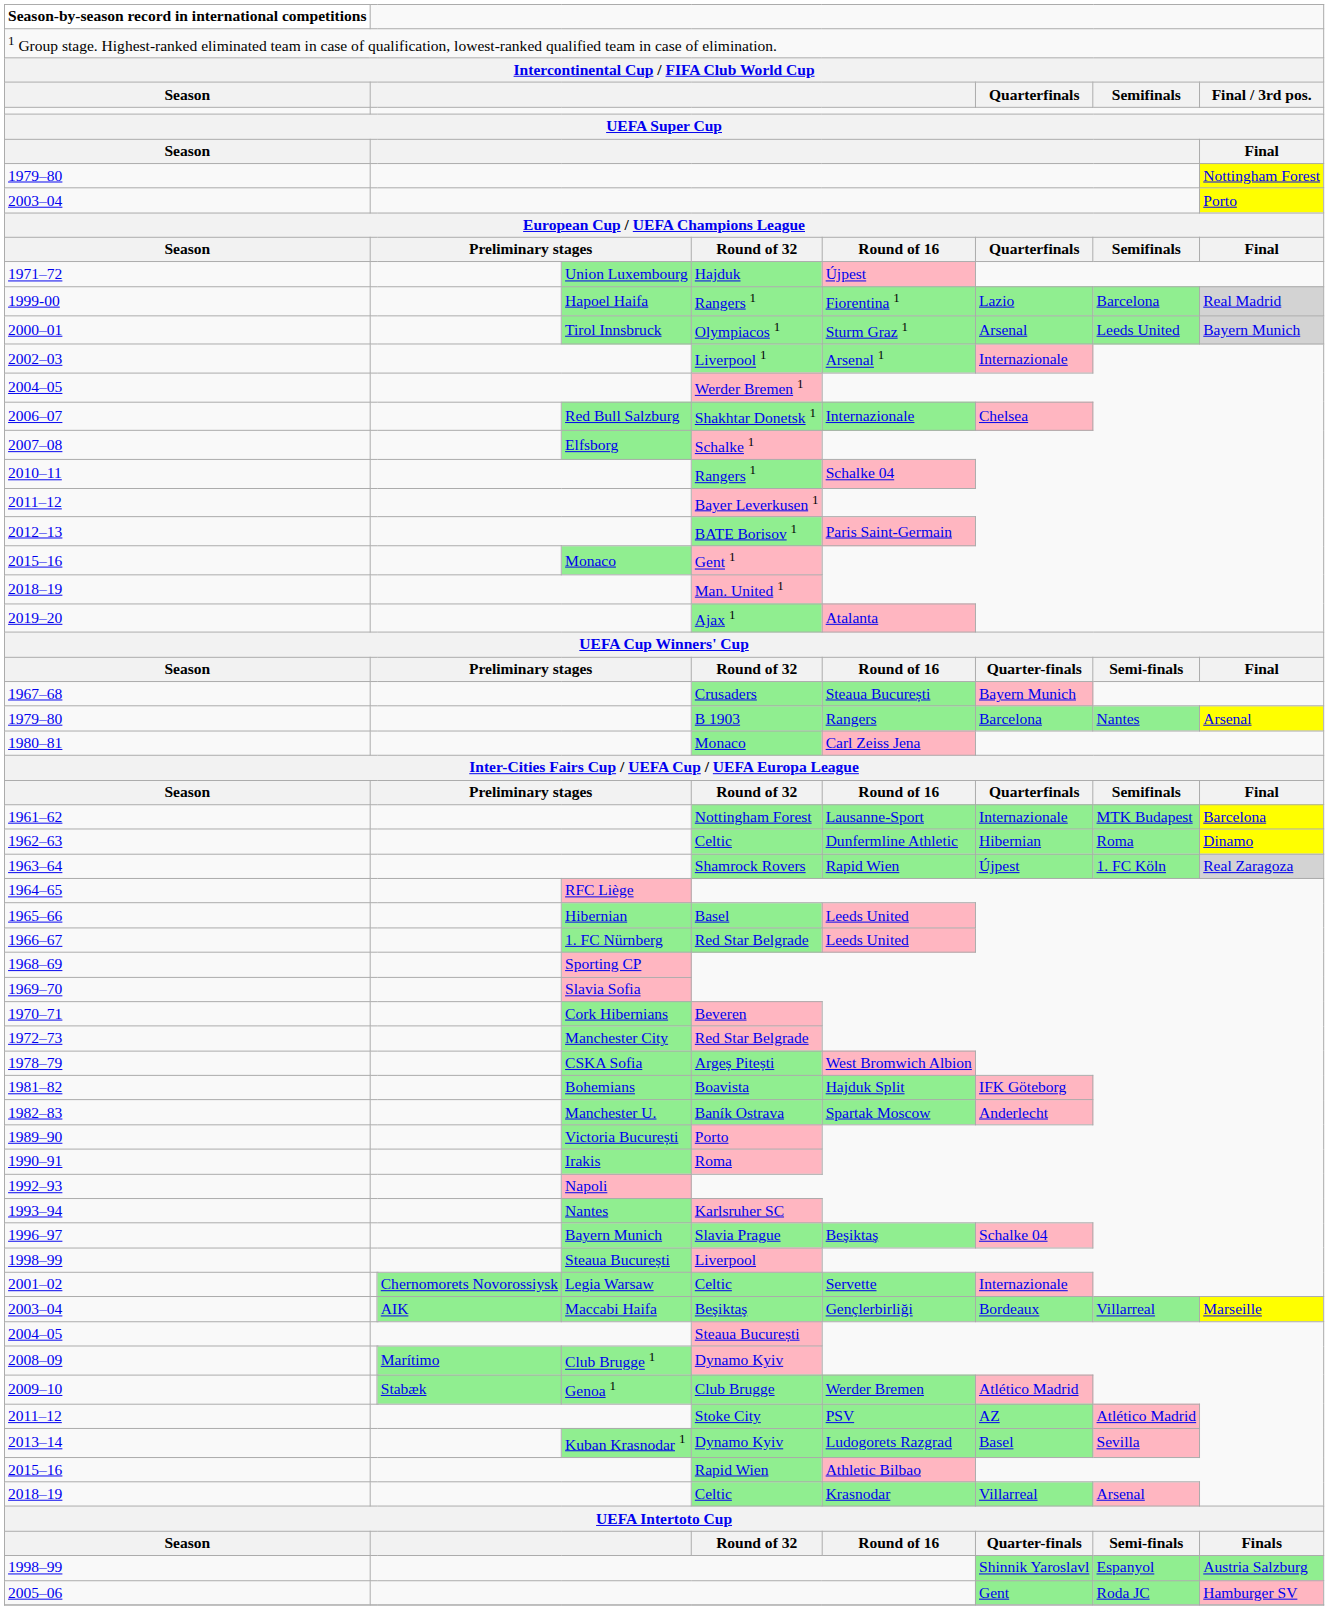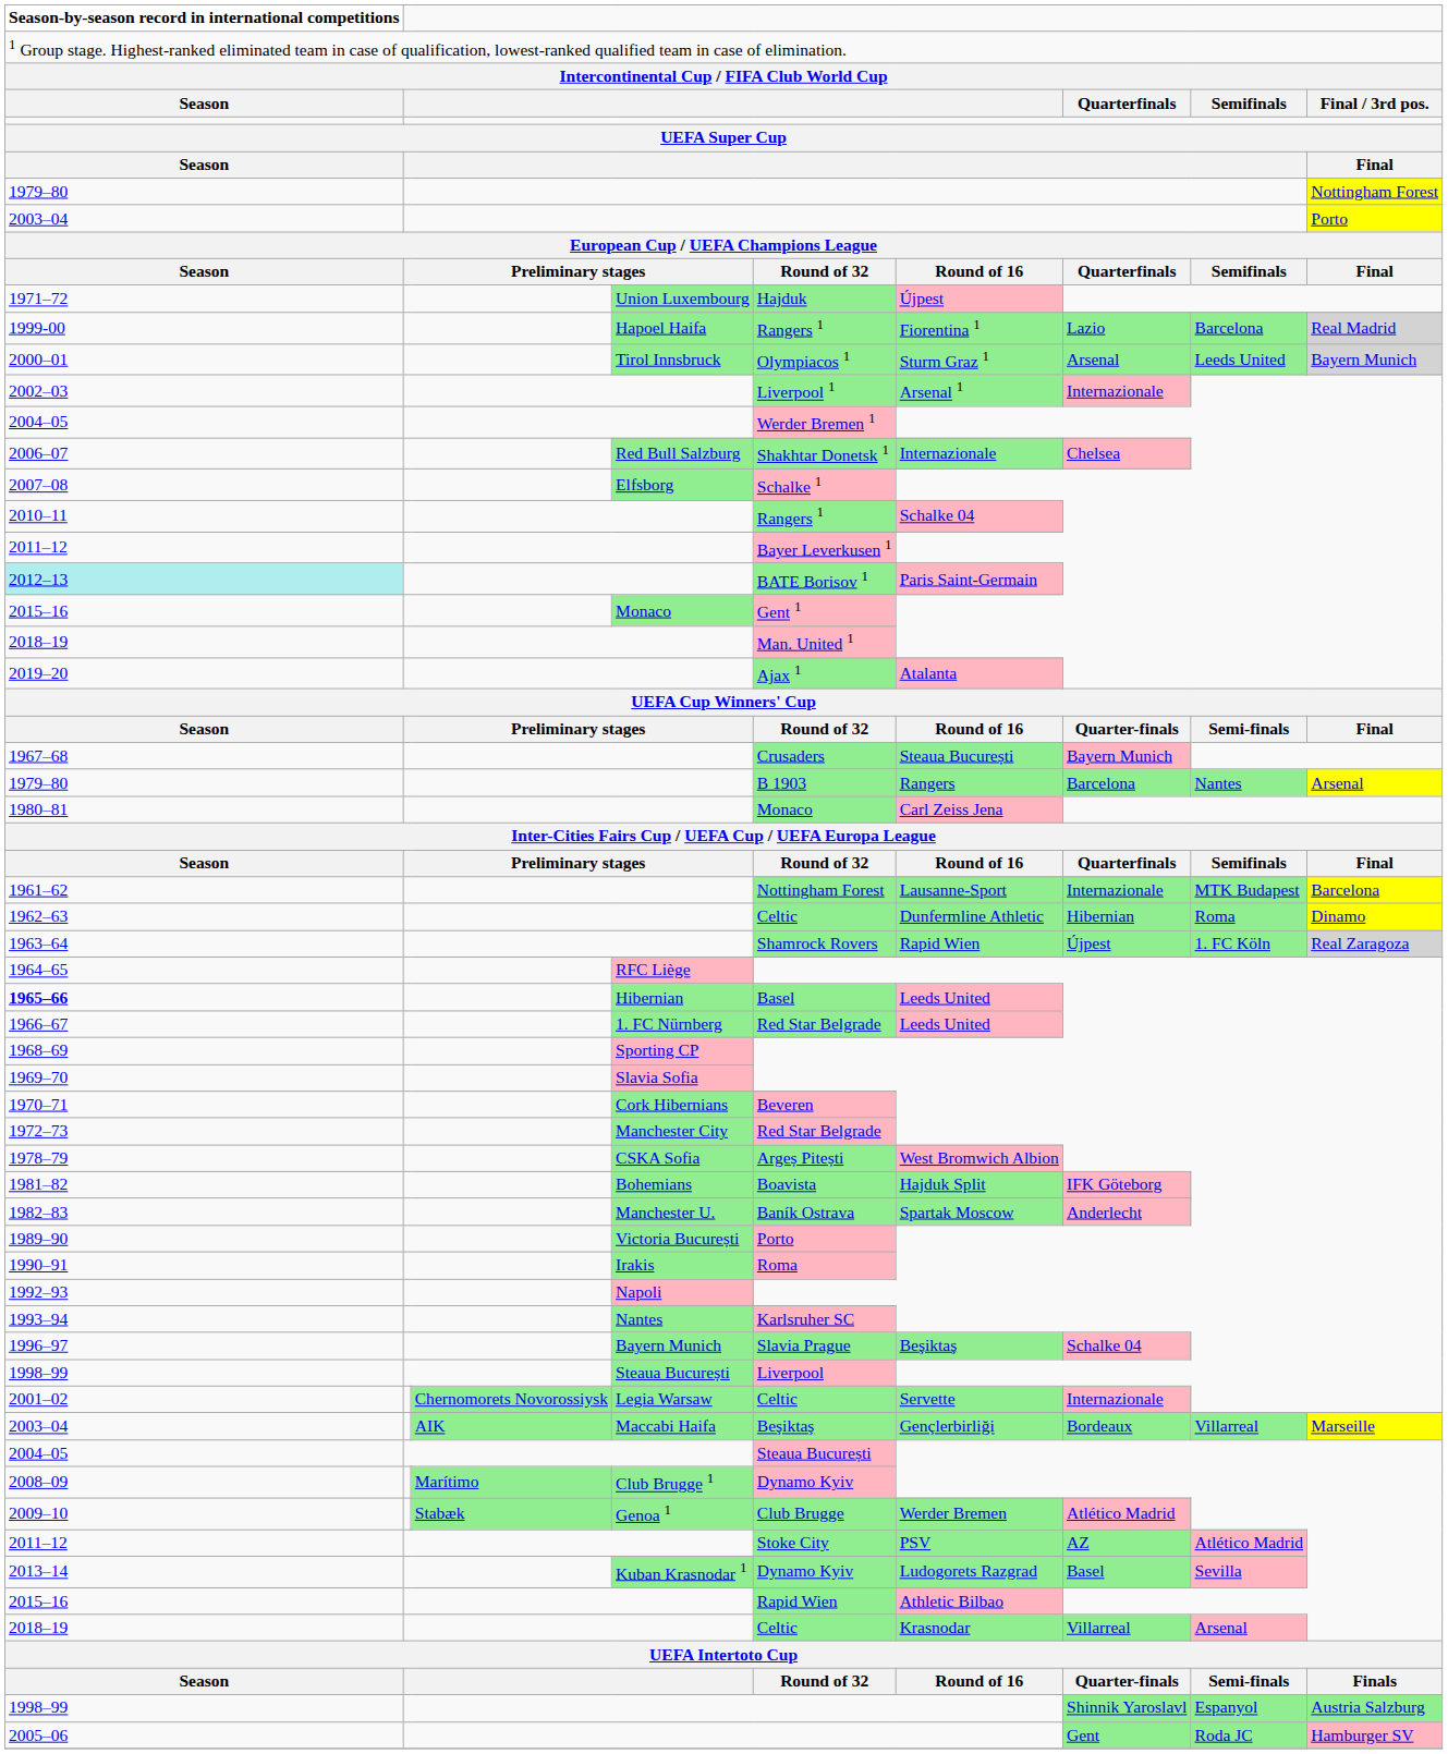 <table class="wikitable collapsible collapsed">
 <tr>
 <th style="background:#FFFFFF; color:#000000; ">Season-by-season record in international competitions</th>
 </tr>
 <tr>
 <td colspan=20><sup>1</sup> Group stage. Highest-ranked eliminated team in case of qualification, lowest-ranked qualified team in case of elimination.</td>
 </tr>
 <tr>
 <th colspan=20><a href='#'>Intercontinental Cup</a> / <a href='#'>FIFA Club World Cup</a></th>
 </tr>
 <tr>
 <th>Season</th>
 <th colspan=12></th>
 <th>Quarterfinals</th>
 <th>Semifinals</th>
 <th>Final / 3rd pos.</th>
 </tr>
 <tr>
 <td></td>
 </tr>
 <tr>
 <th colspan=20><a href='#'>UEFA Super Cup</a></th>
 </tr>
 <tr>
 <th>Season</th>
 <th colspan=14></th>
 <th>Final</th>
 </tr>
 <tr>
 <td><a href='#'>1979–80</a></td>
 <td colspan=14></td>
 <td bgcolor=yellow> <a href='#'>Nottingham Forest</a></td>
 </tr>
 <tr>
 <td><a href='#'>2003–04</a></td>
 <td colspan=14></td>
 <td bgcolor=yellow> <a href='#'>Porto</a></td>
 </tr>
 <tr>
 <th colspan=20><a href='#'>European Cup</a> / <a href='#'>UEFA Champions League</a></th>
 </tr>
 <tr>
 <th>Season</th>
 <th colspan=10>Preliminary stages</th>
 <th>Round of 32</th>
 <th>Round of 16</th>
 <th>Quarterfinals</th>
 <th>Semifinals</th>
 <th>Final</th>
 </tr>
 <tr>
 <td><a href='#'>1971–72</a></td>
 <td colspan=9></td>
 <td bgcolor=lightgreen> <a href='#'>Union Luxembourg</a></td>
 <td bgcolor=lightgreen> <a href='#'>Hajduk</a></td>
 <td bgcolor=lightpink> <a href='#'>Újpest</a></td>
 </tr>
 <tr>
 <td><a href='#'>1999-00</a></td>
 <td colspan=9></td>
 <td bgcolor=lightgreen> <a href='#'>Hapoel Haifa</a></td>
 <td bgcolor=lightgreen> <a href='#'>Rangers</a> <sup>1</sup></td>
 <td bgcolor=lightgreen> <a href='#'>Fiorentina</a> <sup>1</sup></td>
 <td bgcolor=lightgreen> <a href='#'>Lazio</a></td>
 <td bgcolor=lightgreen> <a href='#'>Barcelona</a></td>
 <td bgcolor=lightgrey> <a href='#'>Real Madrid</a></td>
 </tr>
 <tr>
 <td><a href='#'>2000–01</a></td>
 <td colspan=9></td>
 <td bgcolor=lightgreen> <a href='#'>Tirol Innsbruck</a></td>
 <td bgcolor=lightgreen> <a href='#'>Olympiacos</a> <sup>1</sup></td>
 <td bgcolor=lightgreen> <a href='#'>Sturm Graz</a> <sup>1</sup></td>
 <td bgcolor=lightgreen> <a href='#'>Arsenal</a></td>
 <td bgcolor=lightgreen> <a href='#'>Leeds United</a></td>
 <td bgcolor=lightgrey> <a href='#'>Bayern Munich</a></td>
 </tr>
 <tr>
 <td><a href='#'>2002–03</a></td>
 <td colspan=10></td>
 <td bgcolor=lightgreen> <a href='#'>Liverpool</a> <sup>1</sup></td>
 <td bgcolor=lightgreen> <a href='#'>Arsenal</a> <sup>1</sup></td>
 <td bgcolor=lightpink> <a href='#'>Internazionale</a></td>
 </tr>
 <tr>
 <td><a href='#'>2004–05</a></td>
 <td colspan=10></td>
 <td bgcolor=lightpink> <a href='#'>Werder Bremen</a> <sup>1</sup></td>
 </tr>
 <tr>
 <td><a href='#'>2006–07</a></td>
 <td colspan=9></td>
 <td bgcolor=lightgreen> <a href='#'>Red Bull Salzburg</a></td>
 <td bgcolor=lightgreen> <a href='#'>Shakhtar Donetsk</a> <sup>1</sup></td>
 <td bgcolor=lightgreen> <a href='#'>Internazionale</a></td>
 <td bgcolor=lightpink> <a href='#'>Chelsea</a></td>
 </tr>
 <tr>
 <td><a href='#'>2007–08</a></td>
 <td colspan=9></td>
 <td bgcolor=lightgreen> <a href='#'>Elfsborg</a></td>
 <td bgcolor=lightpink> <a href='#'>Schalke</a> <sup>1</sup></td>
 </tr>
 <tr>
 <td><a href='#'>2010–11</a></td>
 <td colspan=10></td>
 <td bgcolor=lightgreen> <a href='#'>Rangers</a> <sup>1</sup></td>
 <td bgcolor=lightpink> <a href='#'>Schalke 04</a></td>
 </tr>
 <tr>
 <td><a href='#'>2011–12</a></td>
 <td colspan=10></td>
 <td bgcolor=lightpink> <a href='#'>Bayer Leverkusen</a> <sup>1</sup></td>
 </tr>
 <tr>
-<td><a href='#'>2012–13</a></td>
+<td style="background: paleturquoise;"><a href='#'>2012–13</a></td>
 <td colspan=10></td>
 <td bgcolor=lightgreen> <a href='#'>BATE Borisov</a> <sup>1</sup></td>
 <td bgcolor=lightpink> <a href='#'>Paris Saint-Germain</a></td>
 </tr>
 <tr>
 <td><a href='#'>2015–16</a></td>
 <td colspan=9></td>
 <td bgcolor=lightgreen> <a href='#'>Monaco</a></td>
 <td bgcolor=lightpink> <a href='#'>Gent</a> <sup>1</sup></td>
 </tr>
 <tr>
 <td><a href='#'>2018–19</a></td>
 <td colspan=10></td>
 <td bgcolor=lightpink> <a href='#'>Man. United</a> <sup>1</sup></td>
 </tr>
 <tr>
 <td><a href='#'>2019–20</a></td>
 <td colspan=10></td>
 <td bgcolor=lightgreen> <a href='#'>Ajax</a> <sup>1</sup></td>
 <td bgcolor=lightpink> <a href='#'>Atalanta</a></td>
 </tr>
 <tr>
 <th colspan=20><a href='#'>UEFA Cup Winners' Cup</a></th>
 </tr>
 <tr>
 <th>Season</th>
 <th colspan=10>Preliminary stages</th>
 <th>Round of 32</th>
 <th>Round of 16</th>
 <th>Quarter-finals</th>
 <th>Semi-finals</th>
 <th>Final</th>
 </tr>
 <tr>
 <td><a href='#'>1967–68</a></td>
 <td colspan=10></td>
 <td bgcolor=lightgreen> <a href='#'>Crusaders</a></td>
 <td bgcolor=lightgreen> <a href='#'>Steaua București</a></td>
 <td bgcolor=lightpink> <a href='#'>Bayern Munich</a></td>
 </tr>
 <tr>
 <td><a href='#'>1979–80</a></td>
 <td colspan=10></td>
 <td bgcolor=lightgreen> <a href='#'>B 1903</a></td>
 <td bgcolor=lightgreen> <a href='#'>Rangers</a></td>
 <td bgcolor=lightgreen> <a href='#'>Barcelona</a></td>
 <td bgcolor=lightgreen> <a href='#'>Nantes</a></td>
 <td bgcolor=yellow> <a href='#'>Arsenal</a></td>
 </tr>
 <tr>
 <td><a href='#'>1980–81</a></td>
 <td colspan=10></td>
 <td bgcolor=lightgreen> <a href='#'>Monaco</a></td>
 <td bgcolor=lightpink> <a href='#'>Carl Zeiss Jena</a></td>
 </tr>
 <tr>
 <th colspan=20><a href='#'>Inter-Cities Fairs Cup</a> / <a href='#'>UEFA Cup</a> / <a href='#'>UEFA Europa League</a></th>
 </tr>
 <tr>
 <th>Season</th>
 <th colspan=10>Preliminary stages</th>
 <th>Round of 32</th>
 <th>Round of 16</th>
 <th>Quarterfinals</th>
 <th>Semifinals</th>
 <th>Final</th>
 </tr>
 <tr>
 <td><a href='#'>1961–62</a></td>
 <td colspan=10></td>
 <td bgcolor=lightgreen> <a href='#'>Nottingham Forest</a></td>
 <td bgcolor=lightgreen> <a href='#'>Lausanne-Sport</a></td>
 <td bgcolor=lightgreen> <a href='#'>Internazionale</a></td>
 <td bgcolor=lightgreen> <a href='#'>MTK Budapest</a></td>
 <td bgcolor=yellow> <a href='#'>Barcelona</a></td>
 </tr>
 <tr>
 <td><a href='#'>1962–63</a></td>
 <td colspan=10></td>
 <td bgcolor=lightgreen> <a href='#'>Celtic</a></td>
 <td bgcolor=lightgreen> <a href='#'>Dunfermline Athletic</a></td>
 <td bgcolor=lightgreen> <a href='#'>Hibernian</a></td>
 <td bgcolor=lightgreen> <a href='#'>Roma</a></td>
 <td bgcolor=yellow> <a href='#'>Dinamo</a></td>
 </tr>
 <tr>
 <td><a href='#'>1963–64</a></td>
 <td colspan=10></td>
 <td bgcolor=lightgreen> <a href='#'>Shamrock Rovers</a></td>
 <td bgcolor=lightgreen> <a href='#'>Rapid Wien</a></td>
 <td bgcolor=lightgreen> <a href='#'>Újpest</a></td>
 <td bgcolor=lightgreen> <a href='#'>1. FC Köln</a></td>
 <td bgcolor=lightgrey> <a href='#'>Real Zaragoza</a></td>
 </tr>
 <tr>
 <td><a href='#'>1964–65</a></td>
 <td colspan=9></td>
 <td bgcolor=lightpink> <a href='#'>RFC Liège</a></td>
 </tr>
 <tr>
-<td><a href='#'>1965–66</a></td>
+<td><strong><a href='#'>1965–66</a></strong></td>
 <td colspan=9></td>
 <td bgcolor=lightgreen> <a href='#'>Hibernian</a></td>
 <td bgcolor=lightgreen> <a href='#'>Basel</a></td>
 <td bgcolor=lightpink> <a href='#'>Leeds United</a></td>
 </tr>
 <tr>
 <td><a href='#'>1966–67</a></td>
 <td colspan=9></td>
 <td bgcolor=lightgreen> <a href='#'>1. FC Nürnberg</a></td>
 <td bgcolor=lightgreen> <a href='#'>Red Star Belgrade</a></td>
 <td bgcolor=lightpink> <a href='#'>Leeds United</a></td>
 </tr>
 <tr>
 <td><a href='#'>1968–69</a></td>
 <td colspan=9></td>
 <td bgcolor=lightpink> <a href='#'>Sporting CP</a></td>
 </tr>
 <tr>
 <td><a href='#'>1969–70</a></td>
 <td colspan=9></td>
 <td bgcolor=lightpink> <a href='#'>Slavia Sofia</a></td>
 </tr>
 <tr>
 <td><a href='#'>1970–71</a></td>
 <td colspan=9></td>
 <td bgcolor=lightgreen> <a href='#'>Cork Hibernians</a></td>
 <td bgcolor=lightpink> <a href='#'>Beveren</a></td>
 </tr>
 <tr>
 <td><a href='#'>1972–73</a></td>
 <td colspan=9></td>
 <td bgcolor=lightgreen> <a href='#'>Manchester City</a></td>
 <td bgcolor=lightpink> <a href='#'>Red Star Belgrade</a></td>
 </tr>
 <tr>
 <td><a href='#'>1978–79</a></td>
 <td colspan=9></td>
 <td bgcolor=lightgreen> <a href='#'>CSKA Sofia</a></td>
 <td bgcolor=lightgreen> <a href='#'>Argeș Pitești</a></td>
 <td bgcolor=lightpink> <a href='#'>West Bromwich Albion</a></td>
 </tr>
 <tr>
 <td><a href='#'>1981–82</a></td>
 <td colspan=9></td>
 <td bgcolor=lightgreen> <a href='#'>Bohemians</a></td>
 <td bgcolor=lightgreen> <a href='#'>Boavista</a></td>
 <td bgcolor=lightgreen> <a href='#'>Hajduk Split</a></td>
 <td bgcolor=lightpink> <a href='#'>IFK Göteborg</a></td>
 </tr>
 <tr>
 <td><a href='#'>1982–83</a></td>
 <td colspan=9></td>
 <td bgcolor=lightgreen> <a href='#'>Manchester U.</a></td>
 <td bgcolor=lightgreen> <a href='#'>Baník Ostrava</a></td>
 <td bgcolor=lightgreen> <a href='#'>Spartak Moscow</a></td>
 <td bgcolor=lightpink> <a href='#'>Anderlecht</a></td>
 </tr>
 <tr>
 <td><a href='#'>1989–90</a></td>
 <td colspan=9></td>
 <td bgcolor=lightgreen> <a href='#'>Victoria București</a></td>
 <td bgcolor=lightpink> <a href='#'>Porto</a></td>
 </tr>
 <tr>
 <td><a href='#'>1990–91</a></td>
 <td colspan=9></td>
 <td bgcolor=lightgreen> <a href='#'>Irakis</a></td>
 <td bgcolor=lightpink> <a href='#'>Roma</a></td>
 </tr>
 <tr>
 <td><a href='#'>1992–93</a></td>
 <td colspan=9></td>
 <td bgcolor=lightpink> <a href='#'>Napoli</a></td>
 </tr>
 <tr>
 <td><a href='#'>1993–94</a></td>
 <td colspan=9></td>
 <td bgcolor=lightgreen> <a href='#'>Nantes</a></td>
 <td bgcolor=lightpink> <a href='#'>Karlsruher SC</a></td>
 </tr>
 <tr>
 <td><a href='#'>1996–97</a></td>
 <td colspan=9></td>
 <td bgcolor=lightgreen> <a href='#'>Bayern Munich</a></td>
 <td bgcolor=lightgreen> <a href='#'>Slavia Prague</a></td>
 <td bgcolor=lightgreen> <a href='#'>Beşiktaş</a></td>
 <td bgcolor=lightpink> <a href='#'>Schalke 04</a></td>
 </tr>
 <tr>
 <td><a href='#'>1998–99</a></td>
 <td colspan=9></td>
 <td bgcolor=lightgreen> <a href='#'>Steaua București</a></td>
 <td bgcolor=lightpink> <a href='#'>Liverpool</a></td>
 </tr>
 <tr>
 <td><a href='#'>2001–02</a></td>
 <td colspan=8></td>
 <td bgcolor=lightgreen> <a href='#'>Chernomorets Novorossiysk</a></td>
 <td bgcolor=lightgreen> <a href='#'>Legia Warsaw</a></td>
 <td bgcolor=lightgreen> <a href='#'>Celtic</a></td>
 <td bgcolor=lightgreen> <a href='#'>Servette</a></td>
 <td bgcolor=lightpink> <a href='#'>Internazionale</a></td>
 </tr>
 <tr>
 <td><a href='#'>2003–04</a></td>
 <td colspan=8></td>
 <td bgcolor=lightgreen> <a href='#'>AIK</a></td>
 <td bgcolor=lightgreen> <a href='#'>Maccabi Haifa</a></td>
 <td bgcolor=lightgreen> <a href='#'>Beşiktaş</a></td>
 <td bgcolor=lightgreen> <a href='#'>Gençlerbirliği</a></td>
 <td bgcolor=lightgreen> <a href='#'>Bordeaux</a></td>
 <td bgcolor=lightgreen> <a href='#'>Villarreal</a></td>
 <td bgcolor=yellow> <a href='#'>Marseille</a></td>
 </tr>
 <tr>
 <td><a href='#'>2004–05</a></td>
 <td colspan=10></td>
 <td bgcolor=lightpink> <a href='#'>Steaua București</a></td>
 </tr>
 <tr>
 <td><a href='#'>2008–09</a></td>
 <td colspan=8></td>
 <td bgcolor=lightgreen> <a href='#'>Marítimo</a></td>
 <td bgcolor=lightgreen> <a href='#'>Club Brugge</a> <sup>1</sup></td>
 <td bgcolor=lightpink> <a href='#'>Dynamo Kyiv</a></td>
 </tr>
 <tr>
 <td><a href='#'>2009–10</a></td>
 <td colspan=8></td>
 <td bgcolor=lightgreen> <a href='#'>Stabæk</a></td>
 <td bgcolor=lightgreen> <a href='#'>Genoa</a> <sup>1</sup></td>
 <td bgcolor=lightgreen> <a href='#'>Club Brugge</a></td>
 <td bgcolor=lightgreen> <a href='#'>Werder Bremen</a></td>
 <td bgcolor=lightpink> <a href='#'>Atlético Madrid</a></td>
 </tr>
 <tr>
 <td><a href='#'>2011–12</a></td>
 <td colspan=10></td>
 <td bgcolor=lightgreen> <a href='#'>Stoke City</a></td>
 <td bgcolor=lightgreen> <a href='#'>PSV</a></td>
 <td bgcolor=lightgreen> <a href='#'>AZ</a></td>
 <td bgcolor=lightpink> <a href='#'>Atlético Madrid</a></td>
 </tr>
 <tr>
 <td><a href='#'>2013–14</a></td>
 <td colspan=9></td>
 <td bgcolor=lightgreen> <a href='#'>Kuban Krasnodar</a> <sup>1</sup></td>
 <td bgcolor=lightgreen> <a href='#'>Dynamo Kyiv</a></td>
 <td bgcolor=lightgreen> <a href='#'>Ludogorets Razgrad</a></td>
 <td bgcolor=lightgreen> <a href='#'>Basel</a></td>
 <td bgcolor=lightpink> <a href='#'>Sevilla</a></td>
 </tr>
 <tr>
 <td><a href='#'>2015–16</a></td>
 <td colspan=10></td>
 <td bgcolor=lightgreen> <a href='#'>Rapid Wien</a></td>
 <td bgcolor=lightpink> <a href='#'>Athletic Bilbao</a></td>
 </tr>
 <tr>
 <td><a href='#'>2018–19</a></td>
 <td colspan=10></td>
 <td bgcolor=lightgreen> <a href='#'>Celtic</a></td>
 <td bgcolor=lightgreen> <a href='#'>Krasnodar</a></td>
 <td bgcolor=lightgreen> <a href='#'>Villarreal</a></td>
 <td bgcolor=lightpink> <a href='#'>Arsenal</a></td>
 </tr>
 <tr>
 <th colspan=20><a href='#'>UEFA Intertoto Cup</a></th>
 </tr>
 <tr>
 <th>Season</th>
 <th colspan=10></th>
 <th>Round of 32</th>
 <th>Round of 16</th>
 <th>Quarter-finals</th>
 <th>Semi-finals</th>
 <th>Finals</th>
 </tr>
 <tr>
 <td><a href='#'>1998–99</a></td>
 <td colspan=12></td>
 <td bgcolor=lightgreen> <a href='#'>Shinnik Yaroslavl</a></td>
 <td bgcolor=lightgreen> <a href='#'>Espanyol</a></td>
 <td bgcolor=lightgreen> <a href='#'>Austria Salzburg</a></td>
 </tr>
 <tr>
 <td><a href='#'>2005–06</a></td>
 <td colspan=12></td>
 <td bgcolor=lightgreen> <a href='#'>Gent</a></td>
 <td bgcolor=lightgreen> <a href='#'>Roda JC</a></td>
 <td bgcolor=lightpink> <a href='#'>Hamburger SV</a></td>
 </tr>
 <tr>
 </tr>
 </table>
